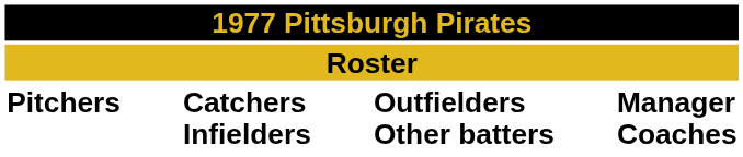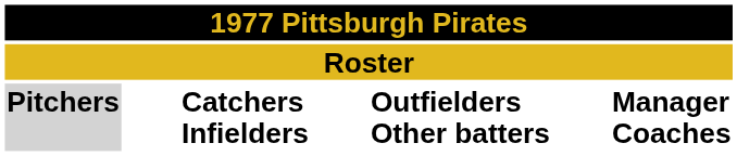 <table class="toccolours" style="font-size: 95%;">
 <tr>
 <th colspan="10" style="background-color: black; color: #e1b81e; text-align: center;">1977 Pittsburgh Pirates</th>
 </tr>
 <tr>
 <td colspan="10" style="background-color: #e1b81e; color: black; text-align: center;"><strong>Roster</strong></td>
 </tr>
 <tr>
-<td valign="top"><strong>Pitchers</strong><br>             </td>
+<td valign="top" style="background: lightgrey;"><strong>Pitchers</strong><br>             </td>
 <td width="25px"></td>
 <td valign="top"><strong>Catchers</strong><br>  <strong>Infielders</strong>             </td>
 <td width="25px"></td>
 <td valign="top"><strong>Outfielders</strong><br>      <strong>Other batters</strong> </td>
 <td width="25px"></td>
 <td valign="top"><strong>Manager</strong><br> <strong>Coaches</strong>    </td>
 </tr>
 </table>
